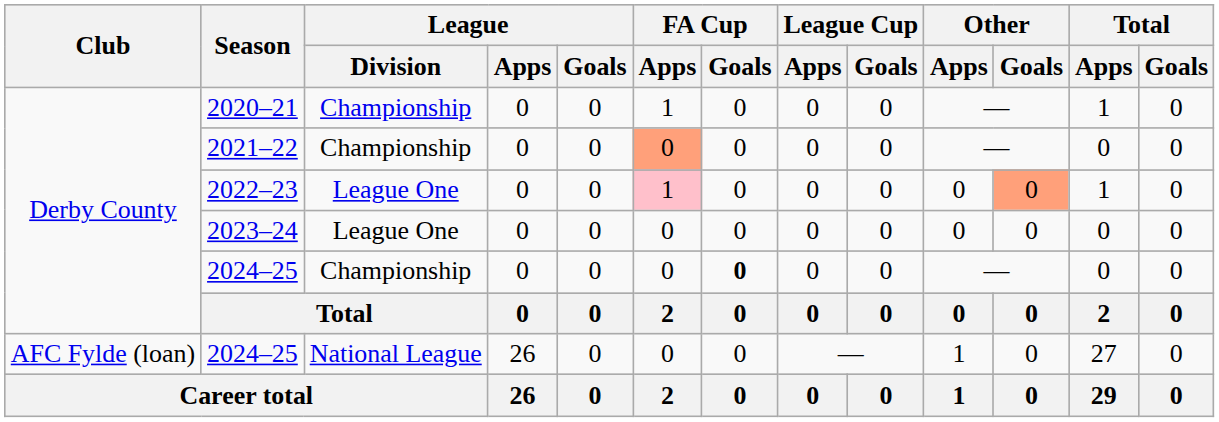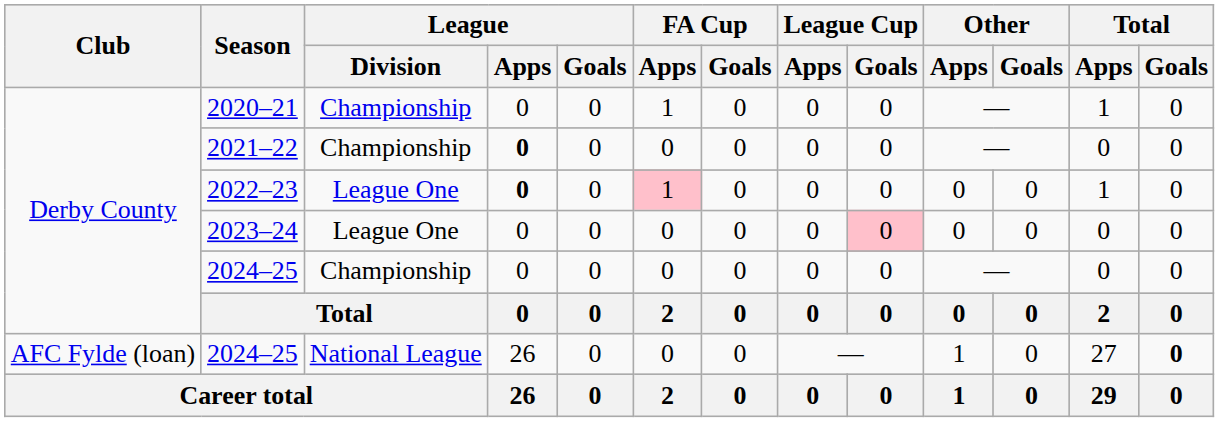 <table class="wikitable" style="text-align: center;">
 <tr>
 <th rowspan="2">Club</th>
 <th rowspan="2">Season</th>
 <th colspan="3">League</th>
 <th colspan="2">FA Cup</th>
 <th colspan="2">League Cup</th>
 <th colspan="2">Other</th>
 <th colspan="2">Total</th>
 </tr>
 <tr>
 <th>Division</th>
 <th>Apps</th>
 <th>Goals</th>
 <th>Apps</th>
 <th>Goals</th>
 <th>Apps</th>
 <th>Goals</th>
 <th>Apps</th>
 <th>Goals</th>
 <th>Apps</th>
 <th>Goals</th>
 </tr>
 <tr>
 <td rowspan="6"><a href='#'>Derby County</a></td>
 <td><a href='#'>2020–21</a></td>
 <td><a href='#'>Championship</a></td>
 <td>0</td>
 <td>0</td>
 <td>1</td>
 <td>0</td>
 <td>0</td>
 <td>0</td>
 <td colspan=2>—</td>
 <td>1</td>
 <td>0</td>
 </tr>
 <tr>
 <td><a href='#'>2021–22</a></td>
 <td>Championship</td>
+<td><strong>0</strong></td>
 <td>0</td>
 <td>0</td>
-<td style="background: lightsalmon;">0</td>
 <td>0</td>
 <td>0</td>
 <td>0</td>
 <td colspan=2>—</td>
 <td>0</td>
 <td>0</td>
 </tr>
 <tr>
 <td><a href='#'>2022–23</a></td>
 <td><a href='#'>League One</a></td>
-<td>0</td>
+<td><strong>0</strong></td>
 <td>0</td>
 <td style="background: pink;">1</td>
 <td>0</td>
 <td>0</td>
 <td>0</td>
 <td>0</td>
-<td style="background: lightsalmon;">0</td>
+<td>0</td>
 <td>1</td>
 <td>0</td>
 </tr>
 <tr>
 <td><a href='#'>2023–24</a></td>
 <td>League One</td>
 <td>0</td>
 <td>0</td>
 <td>0</td>
 <td>0</td>
 <td>0</td>
-<td>0</td>
+<td style="background: pink;">0</td>
 <td>0</td>
 <td>0</td>
 <td>0</td>
 <td>0</td>
 </tr>
 <tr>
 <td><a href='#'>2024–25</a></td>
 <td>Championship</td>
 <td>0</td>
 <td>0</td>
 <td>0</td>
-<td><strong>0</strong></td>
+<td>0</td>
 <td>0</td>
 <td>0</td>
 <td colspan=2>—</td>
 <td>0</td>
 <td>0</td>
 </tr>
 <tr>
 <th colspan="2">Total</th>
 <th>0</th>
 <th>0</th>
 <th>2</th>
 <th>0</th>
 <th>0</th>
 <th>0</th>
 <th>0</th>
 <th>0</th>
 <th>2</th>
 <th>0</th>
 </tr>
 <tr>
 <td><a href='#'>AFC Fylde</a> (loan)</td>
 <td><a href='#'>2024–25</a></td>
 <td><a href='#'>National League</a></td>
 <td>26</td>
 <td>0</td>
 <td>0</td>
 <td>0</td>
 <td colspan="2">—</td>
 <td>1</td>
 <td>0</td>
 <td>27</td>
-<td>0</td>
+<td><strong>0</strong></td>
 </tr>
 <tr>
 <th colspan="3">Career total</th>
 <th>26</th>
 <th>0</th>
 <th>2</th>
 <th>0</th>
 <th>0</th>
 <th>0</th>
 <th>1</th>
 <th>0</th>
 <th>29</th>
 <th>0</th>
 </tr>
 </table>
